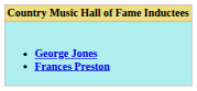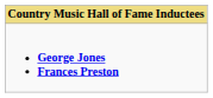 <table class="wikitable">
 <tr>
 <th style="background:#EEDD82; width=50%">Country Music Hall of Fame Inductees</th>
 </tr>
 <tr>
-<td valign="top" style="background: paleturquoise;"><br><ul><li><strong><a href='#'>George Jones</a></strong></li><li><strong><a href='#'>Frances Preston</a></strong></li></ul></td>
+<td valign="top"><br><ul><li><strong><a href='#'>George Jones</a></strong></li><li><strong><a href='#'>Frances Preston</a></strong></li></ul></td>
 </tr>
 </table>
